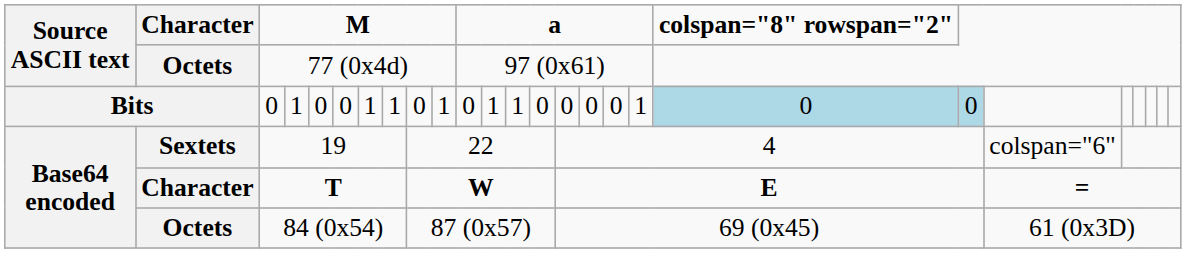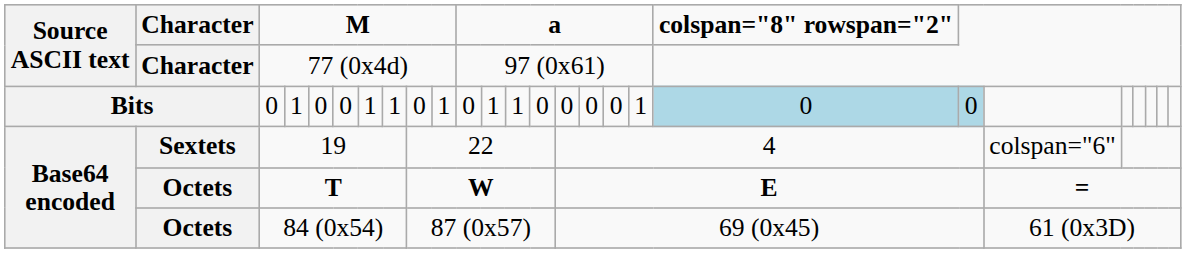 <table class="wikitable" style="text-align:center;">
 <tr style="font-weight:bold;">
 <th rowspan=2 scope="row">Source <br>ASCII text</th>
 <th scope="row">Character</th>
 <td colspan="8">M</td>
 <td colspan="8">a</td>
 <td>colspan="8" rowspan="2"   </td>
 </tr>
 <tr>
-<th scope="row">Octets</th>
+<th scope="row">Character</th>
 <td colspan="8">77 (0x4d)</td>
 <td colspan="8">97 (0x61)</td>
 </tr>
 <tr>
 <th colspan=2 scope="row">Bits</th>
 <td>0</td>
 <td>1</td>
 <td>0</td>
 <td>0</td>
 <td>1</td>
 <td>1</td>
 <td>0</td>
 <td>1</td>
 <td>0</td>
 <td>1</td>
 <td>1</td>
 <td>0</td>
 <td>0</td>
 <td>0</td>
 <td>0</td>
 <td>1</td>
 <td style="background-color:lightblue;">0</td>
 <td style="background-color:lightblue;">0</td>
 <td></td>
 <td></td>
 <td></td>
 <td></td>
 <td></td>
 <td></td>
 </tr>
 <tr>
 <th rowspan=3 scope="row">Base64<br>encoded</th>
 <th scope="row">Sextets</th>
 <td colspan="6">19</td>
 <td colspan="6">22</td>
 <td colspan="6">4</td>
 <td>colspan="6"   </td>
 </tr>
 <tr style="font-weight:bold;">
-<th scope="row">Character</th>
+<th scope="row">Octets</th>
 <td colspan="6">T</td>
 <td colspan="6">W</td>
 <td colspan="6">E</td>
 <td colspan="6">=</td>
 </tr>
 <tr>
 <th scope="row">Octets</th>
 <td colspan="6">84 (0x54)</td>
 <td colspan="6">87 (0x57)</td>
 <td colspan="6">69 (0x45)</td>
 <td colspan="6">61 (0x3D)</td>
 </tr>
 </table>
